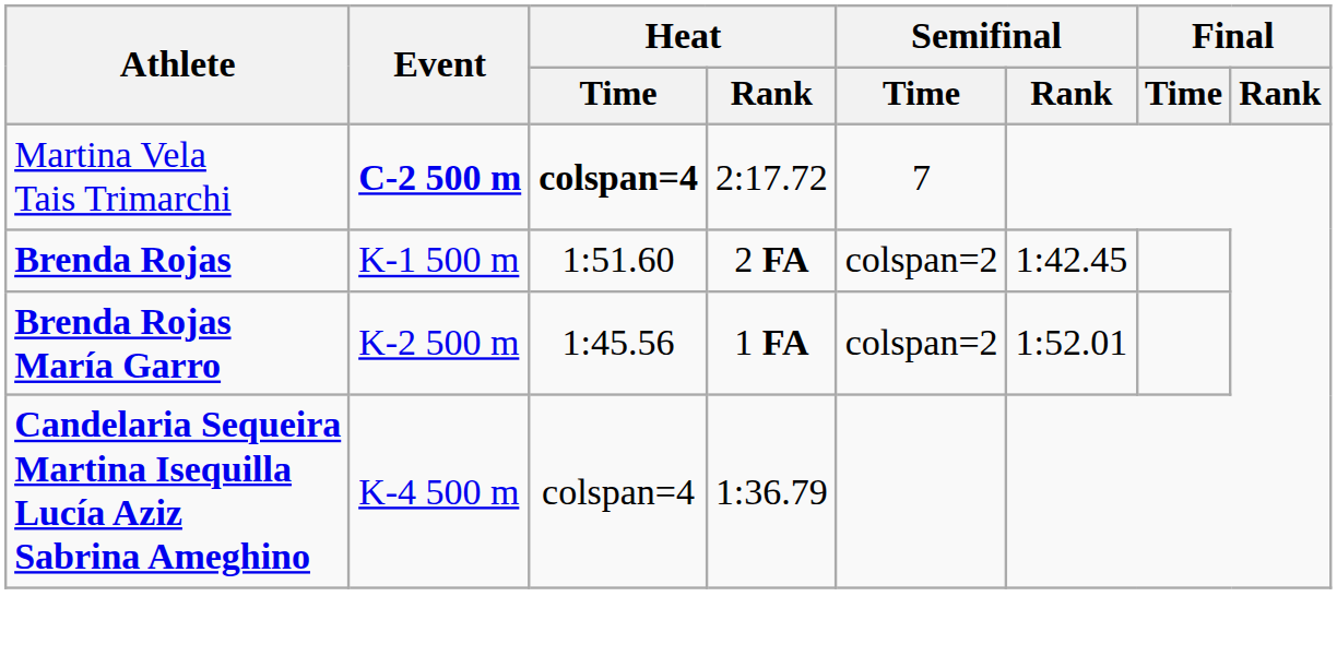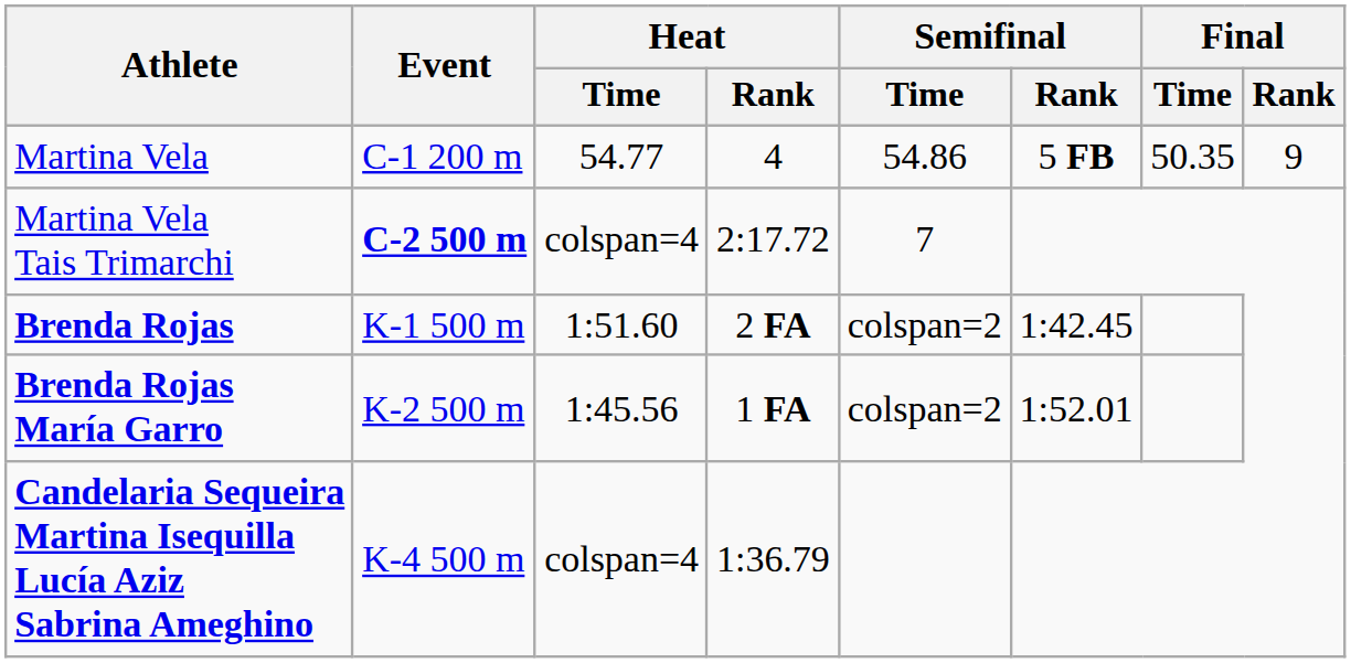 <table class=wikitable style=font-size:90%;text-align:center>
 <tr>
 <th rowspan=2>Athlete</th>
 <th rowspan=2>Event</th>
 <th colspan=2>Heat</th>
 <th colspan=2>Semifinal</th>
 <th colspan=2>Final</th>
 </tr>
 <tr style=font-size:95%>
 <th>Time</th>
 <th>Rank</th>
 <th>Time</th>
 <th>Rank</th>
 <th>Time</th>
 <th>Rank</th>
 </tr>
 <tr>
+<td align=left><a href='#'>Martina Vela</a></td>
+<td align=left><a href='#'>C-1 200 m</a></td>
+<td>54.77</td>
+<td>4</td>
+<td>54.86</td>
+<td>5 <strong>FB</strong></td>
+<td>50.35</td>
+<td>9</td>
+</tr>
+<tr>
 <td align=left><a href='#'>Martina Vela</a><br><a href='#'>Tais Trimarchi</a></td>
 <td align=left><strong><a href='#'>C-2 500 m</a></strong></td>
-<td><strong>colspan=4 </strong></td>
+<td>colspan=4 </td>
 <td>2:17.72</td>
 <td>7</td>
 </tr>
 <tr>
 <td align=left><strong><a href='#'>Brenda Rojas</a></strong></td>
 <td align=left><a href='#'>K-1 500 m</a></td>
 <td>1:51.60</td>
 <td>2 <strong>FA</strong></td>
 <td>colspan=2 </td>
 <td>1:42.45</td>
 <td></td>
 </tr>
 <tr>
 <td align=left><strong><a href='#'>Brenda Rojas</a><br><a href='#'>María Garro</a></strong></td>
 <td align=left><a href='#'>K-2 500 m</a></td>
 <td>1:45.56</td>
 <td>1 <strong>FA</strong></td>
 <td>colspan=2 </td>
 <td>1:52.01</td>
 <td></td>
 </tr>
 <tr>
 <td align=left><strong><a href='#'>Candelaria Sequeira</a><br><a href='#'>Martina Isequilla</a><br><a href='#'>Lucía Aziz</a><br><a href='#'>Sabrina Ameghino</a></strong></td>
 <td align=left><a href='#'>K-4 500 m</a></td>
 <td>colspan=4 </td>
 <td>1:36.79</td>
 <td></td>
 </tr>
 </table>
